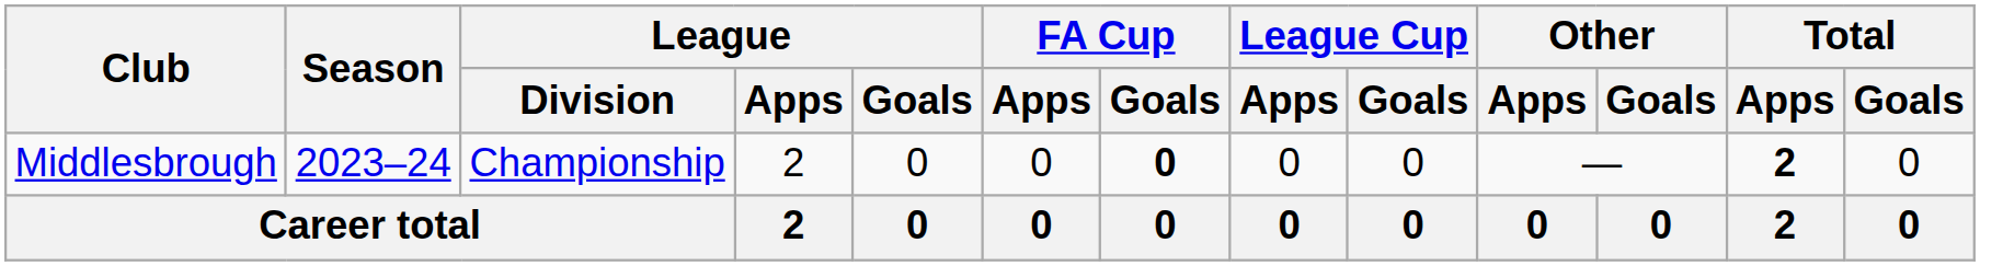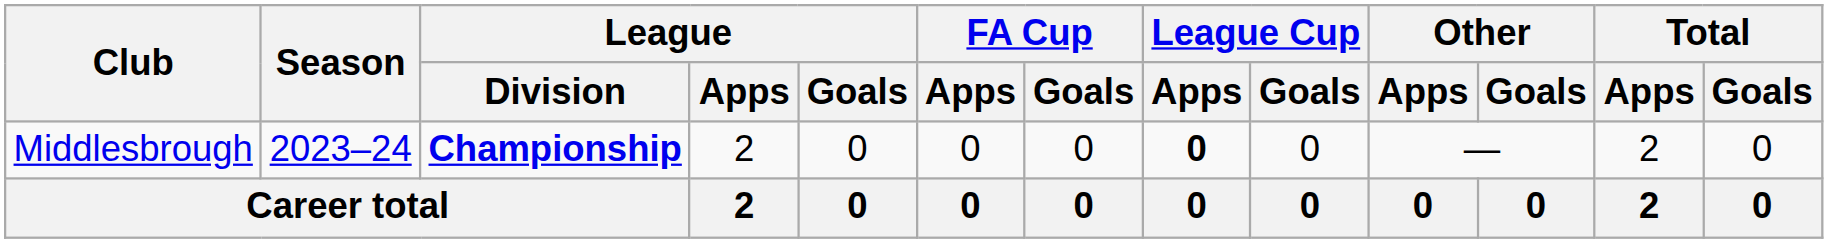 <table class=wikitable style=text-align:center>
 <tr>
 <th rowspan=2>Club</th>
 <th rowspan=2>Season</th>
 <th colspan=3>League</th>
 <th colspan=2><a href='#'>FA Cup</a></th>
 <th colspan=2><a href='#'>League Cup</a></th>
 <th colspan=2>Other</th>
 <th colspan=2>Total</th>
 </tr>
 <tr>
 <th>Division</th>
 <th>Apps</th>
 <th>Goals</th>
 <th>Apps</th>
 <th>Goals</th>
 <th>Apps</th>
 <th>Goals</th>
 <th>Apps</th>
 <th>Goals</th>
 <th>Apps</th>
 <th>Goals</th>
 </tr>
 <tr>
 <td><a href='#'>Middlesbrough</a></td>
 <td><a href='#'>2023–24</a></td>
-<td><a href='#'>Championship</a></td>
+<td><strong><a href='#'>Championship</a></strong></td>
 <td>2</td>
+<td>0</td>
 <td>0</td>
 <td>0</td>
 <td><strong>0</strong></td>
 <td>0</td>
-<td>0</td>
 <td colspan="2">—</td>
-<td><strong>2</strong></td>
+<td>2</td>
 <td>0</td>
 </tr>
 <tr>
 <th colspan="3">Career total</th>
 <th>2</th>
 <th>0</th>
 <th>0</th>
 <th>0</th>
 <th>0</th>
 <th>0</th>
 <th>0</th>
 <th>0</th>
 <th>2</th>
 <th>0</th>
 </tr>
 </table>
